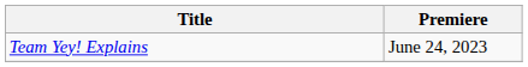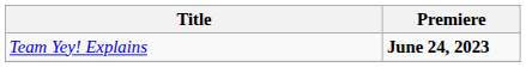 <table class="wikitable sortable" width="75%">
 <tr>
 <th style="width:55%;">Title</th>
 <th style="width:20%;">Premiere</th>
 </tr>
 <tr>
 <td><em><a href='#'>Team Yey! Explains</a></em></td>
-<td>June 24, 2023</td>
+<td><strong>June 24, 2023</strong></td>
 </tr>
 <tr>
 </tr>
 </table>
